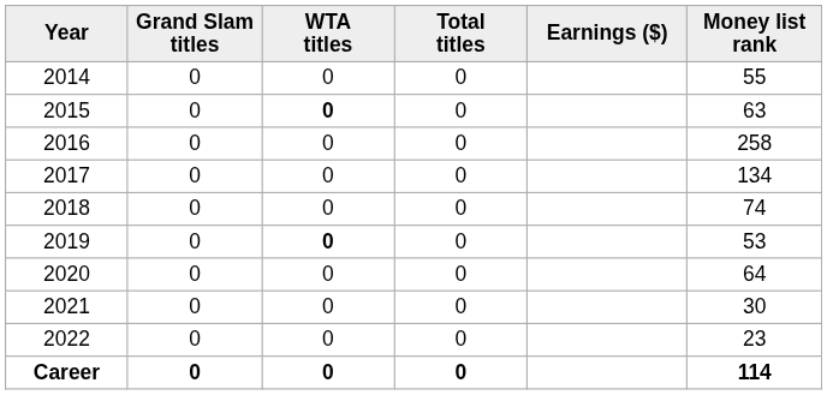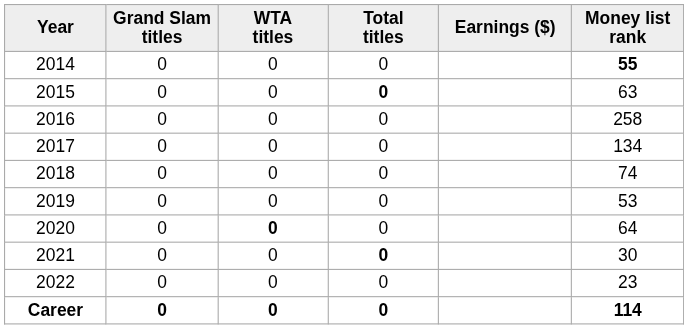 <table cellpadding=3 cellspacing=0 border=1 style=border:#aaa;solid:1px;border-collapse:collapse;text-align:center;>
 <tr style=background:#eee;font-weight:bold>
 <td width="90">Year</td>
 <td width="100">Grand Slam <br>titles</td>
 <td width="100">WTA <br>titles</td>
 <td width="100">Total <br>titles</td>
 <td width="120">Earnings ($)</td>
 <td width="100">Money list rank</td>
 </tr>
 <tr>
 <td>2014</td>
 <td>0</td>
 <td>0</td>
 <td>0</td>
 <td align="right"></td>
-<td>55</td>
+<td><strong>55</strong></td>
 </tr>
 <tr>
 <td>2015</td>
 <td>0</td>
+<td>0</td>
 <td><strong>0</strong></td>
-<td>0</td>
 <td align="right"></td>
 <td>63</td>
 </tr>
 <tr>
 <td>2016</td>
 <td>0</td>
 <td>0</td>
 <td>0</td>
 <td align="right"></td>
 <td>258</td>
 </tr>
 <tr>
 <td>2017</td>
 <td>0</td>
 <td>0</td>
 <td>0</td>
 <td align="right"></td>
 <td>134</td>
 </tr>
 <tr>
 <td>2018</td>
 <td>0</td>
 <td>0</td>
 <td>0</td>
 <td align="right"></td>
 <td>74</td>
 </tr>
 <tr>
 <td>2019</td>
 <td>0</td>
-<td><strong>0</strong></td>
+<td>0</td>
 <td>0</td>
 <td align="right"></td>
 <td>53</td>
 </tr>
 <tr>
 <td>2020</td>
 <td>0</td>
-<td>0</td>
+<td><strong>0</strong></td>
 <td>0</td>
 <td align="right"></td>
 <td>64</td>
 </tr>
 <tr>
 <td>2021</td>
 <td>0</td>
 <td>0</td>
-<td>0</td>
+<td><strong>0</strong></td>
 <td align="right"></td>
 <td>30</td>
 </tr>
 <tr>
 <td>2022</td>
 <td>0</td>
 <td>0</td>
 <td>0</td>
 <td align="right"></td>
 <td>23</td>
 </tr>
 <tr style="font-weight:bold;">
 <td>Career</td>
 <td>0</td>
 <td>0</td>
 <td>0</td>
 <td align="right"></td>
 <td>114</td>
 </tr>
 </table>
